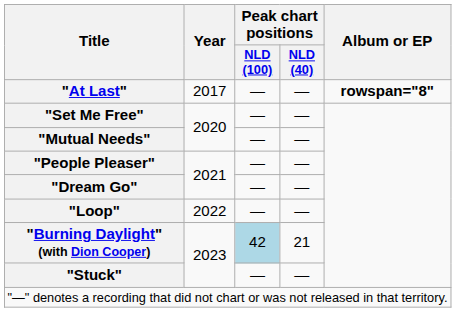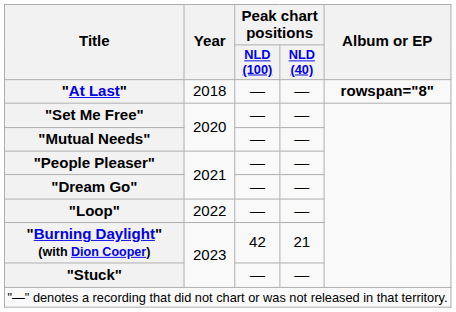 <table class="wikitable plainrowheaders" style="text-align:center;">
 <tr>
 <th scope="col" rowspan="2">Title</th>
 <th scope="col" rowspan="2">Year</th>
 <th scope="col" colspan="2">Peak chart positions</th>
 <th scope="col" rowspan="2">Album or EP</th>
 </tr>
 <tr>
 <th scope="col" style="width:3em;font-size:85%;"><a href='#'>NLD<br>(100)</a><br></th>
 <th scope="col" style="width:3em;font-size:85%;"><a href='#'>NLD<br>(40)</a><br></th>
 </tr>
 <tr>
 <th scope="row">"<a href='#'>At Last</a>"</th>
-<td>2017</td>
+<td>2018</td>
 <td>—</td>
 <td>—</td>
 <td><strong>rowspan="8" </strong></td>
 </tr>
 <tr>
 <th scope="row">"Set Me Free"</th>
 <td rowspan="2">2020</td>
 <td>—</td>
 <td>—</td>
 </tr>
 <tr>
 <th scope="row">"Mutual Needs"</th>
 <td>—</td>
 <td>—</td>
 </tr>
 <tr>
 <th scope="row">"People Pleaser"</th>
 <td rowspan="2">2021</td>
 <td>—</td>
 <td>—</td>
 </tr>
 <tr>
 <th scope="row">"Dream Go"</th>
 <td>—</td>
 <td>—</td>
 </tr>
 <tr>
 <th scope="row">"Loop"</th>
 <td>2022</td>
 <td>—</td>
 <td>—</td>
 </tr>
 <tr>
 <th scope="row">"<a href='#'>Burning Daylight</a>"<br><small>(with <a href='#'>Dion Cooper</a>)</small></th>
 <td rowspan="2">2023</td>
-<td style="background: lightblue;">42</td>
+<td>42</td>
 <td>21</td>
 </tr>
 <tr>
 <th scope="row">"Stuck"</th>
 <td>—</td>
 <td>—</td>
 </tr>
 <tr>
 <td colspan="5" style="font-size:85%">"—" denotes a recording that did not chart or was not released in that territory.</td>
 </tr>
 </table>
